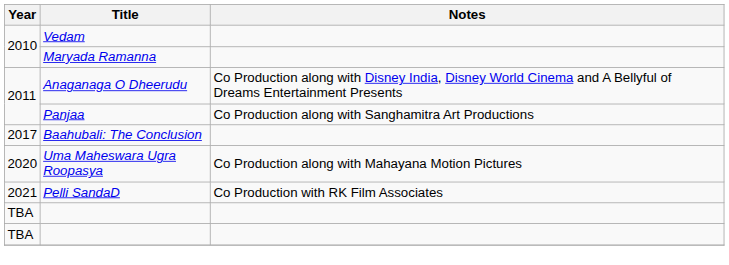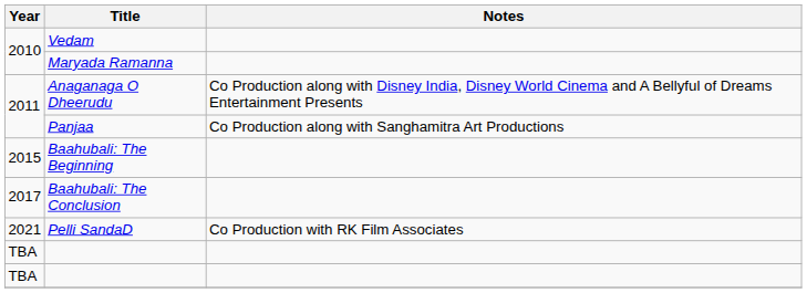 <table class="wikitable">
 <tr>
 <th style="text-align:center;">Year</th>
 <th style="text-align:center;">Title</th>
 <th style="text-align:center;">Notes</th>
 </tr>
 <tr>
 <td rowspan=2>2010</td>
 <td><em><a href='#'>Vedam</a></em></td>
 <td></td>
 </tr>
 <tr>
 <td><em><a href='#'>Maryada Ramanna</a></em></td>
 <td></td>
 </tr>
 <tr>
 <td rowspan=2>2011</td>
 <td><em><a href='#'>Anaganaga O Dheerudu</a></em></td>
 <td>Co Production along with <a href='#'>Disney India</a>, <a href='#'>Disney World Cinema</a> and A Bellyful of Dreams Entertainment Presents</td>
 </tr>
 <tr>
 <td><em><a href='#'>Panjaa</a></em></td>
 <td>Co Production along with Sanghamitra Art Productions</td>
 </tr>
 <tr>
+<td>2015</td>
+<td><em><a href='#'>Baahubali: The Beginning</a></em></td>
+<td></td>
+</tr>
+<tr>
 <td>2017</td>
 <td><em><a href='#'>Baahubali: The Conclusion</a></em></td>
 <td></td>
-</tr>
-<tr>
-<td>2020</td>
-<td><em><a href='#'>Uma Maheswara Ugra Roopasya</a></em></td>
-<td>Co Production along with Mahayana Motion Pictures</td>
 </tr>
 <tr>
 <td>2021</td>
 <td><em><a href='#'>Pelli SandaD</a></em></td>
 <td>Co Production with RK Film Associates</td>
 </tr>
 <tr>
 <td>TBA</td>
 <td></td>
 <td></td>
 </tr>
 <tr>
 <td>TBA</td>
 <td></td>
 <td></td>
 </tr>
 <tr>
 </tr>
 </table>
